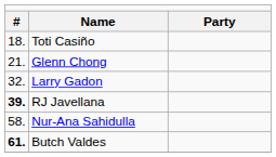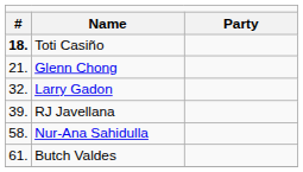 <table class=wikitable style="font-size:90%">
 <tr>
 <td colspan=4 bgcolor=></td>
 </tr>
 <tr>
 <th>#</th>
 <th width=150px>Name</th>
 <th colspan=2 width=110px>Party</th>
 </tr>
 <tr>
-<td>18.</td>
+<td><strong>18.</strong></td>
 <td>Toti Casiño</td>
 <td></td>
 </tr>
 <tr>
 <td>21.</td>
 <td><a href='#'>Glenn Chong</a></td>
 <td></td>
 </tr>
 <tr>
 <td>32.</td>
 <td><a href='#'>Larry Gadon</a></td>
 <td></td>
 </tr>
 <tr>
-<td><strong>39.</strong></td>
+<td>39.</td>
 <td>RJ Javellana</td>
 <td></td>
 </tr>
 <tr>
 <td>58.</td>
 <td><a href='#'>Nur-Ana Sahidulla</a></td>
 <td></td>
 </tr>
 <tr>
-<td><strong>61.</strong></td>
+<td>61.</td>
 <td>Butch Valdes</td>
 <td></td>
 </tr>
 <tr>
 </tr>
 </table>
